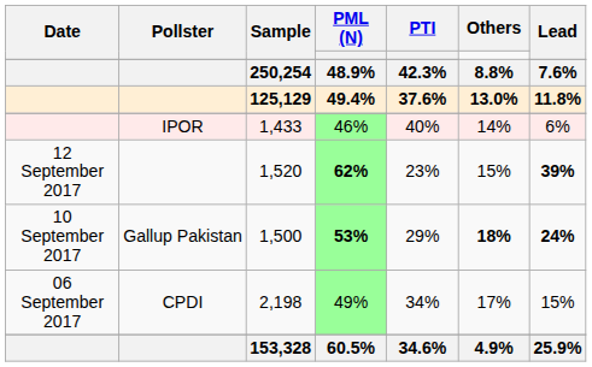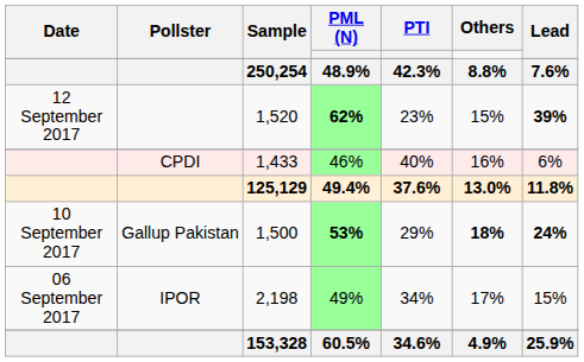 <table class="wikitable sortable" style="text-align:center">
 <tr>
 <th style="width:100px;" rowspan="2">Date</th>
 <th rowspan="2">Pollster</th>
 <th rowspan="2">Sample</th>
 <th style="width:60px;" class="unsortable"><a href='#'>PML (N)</a></th>
 <th style="width:60px;" class="unsortable"><a href='#'>PTI</a></th>
 <th style="width:60px;" class="unsortable">Others</th>
 <th class="unsortable" style="width:20px;" rowspan="2">Lead</th>
 </tr>
 <tr>
 <th class="unsortable" style="color:inherit;background:"></th>
 <th class="unsortable" style="color:inherit;background:"></th>
 </tr>
 <tr>
 </tr>
 <tr class=sortbottom style="background:#f2f2f2; font-weight:bold">
 <th></th>
 <th></th>
 <th>250,254</th>
 <th style="background:">48.9%</th>
 <th>42.3%</th>
 <th>8.8%</th>
 <th style="background:">7.6%</th>
 </tr>
+<tr>
+<td>12 September 2017</td>
+<td></td>
+<td>1,520</td>
+<td style="background:rgb(153, 255, 153);"><strong>62%</strong></td>
+<td>23%</td>
+<td>15%</td>
+<td style="background:"><strong>39%</strong></td>
+</tr>
+<tr>
+</tr>
+<tr style="background:#FFEAEA;">
+<td></td>
+<td>CPDI</td>
+<td>1,433</td>
+<td style="background:rgb(153, 255, 153);">46%</td>
+<td>40%</td>
+<td>16%</td>
+<td style="background:">6%</td>
+</tr>
 <tr class=sortbottom style="background:#FFEFD5; font-weight:bold">
 <td></td>
 <td></td>
 <td>125,129</td>
 <td style="background:">49.4%</td>
 <td>37.6%</td>
 <td>13.0%</td>
 <td style="background:">11.8%</td>
-</tr>
-<tr>
-</tr>
-<tr style="background:#FFEAEA;">
-<td></td>
-<td>IPOR</td>
-<td>1,433</td>
-<td style="background:rgb(153, 255, 153);">46%</td>
-<td>40%</td>
-<td>14%</td>
-<td style="background:">6%</td>
-</tr>
-<tr>
-<td>12 September 2017</td>
-<td></td>
-<td>1,520</td>
-<td style="background:rgb(153, 255, 153);"><strong>62%</strong></td>
-<td>23%</td>
-<td>15%</td>
-<td style="background:"><strong>39%</strong></td>
 </tr>
 <tr>
 <td>10 September 2017</td>
 <td>Gallup Pakistan</td>
 <td>1,500</td>
 <td style="background:rgb(153, 255, 153);"><strong>53%</strong></td>
 <td>29%</td>
 <td><strong>18%</strong></td>
 <td style="background:"><strong>24%</strong></td>
 </tr>
 <tr>
 <td>06 September 2017</td>
-<td>CPDI</td>
+<td>IPOR</td>
 <td>2,198</td>
 <td style="background:rgb(153, 255, 153);">49%</td>
 <td>34%</td>
 <td>17%</td>
 <td style="background:">15%</td>
 </tr>
 <tr>
 </tr>
 <tr class=sortbottom style="background:#f2f2f2; font-weight:bold">
 <th></th>
 <th></th>
 <th>153,328</th>
 <th style="background:">60.5%</th>
 <th>34.6%</th>
 <th>4.9%</th>
 <th style="background:">25.9%</th>
 </tr>
 </table>
